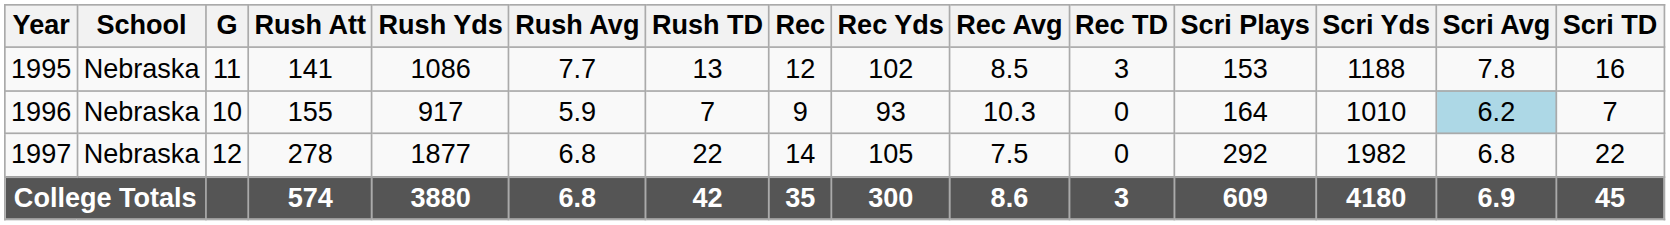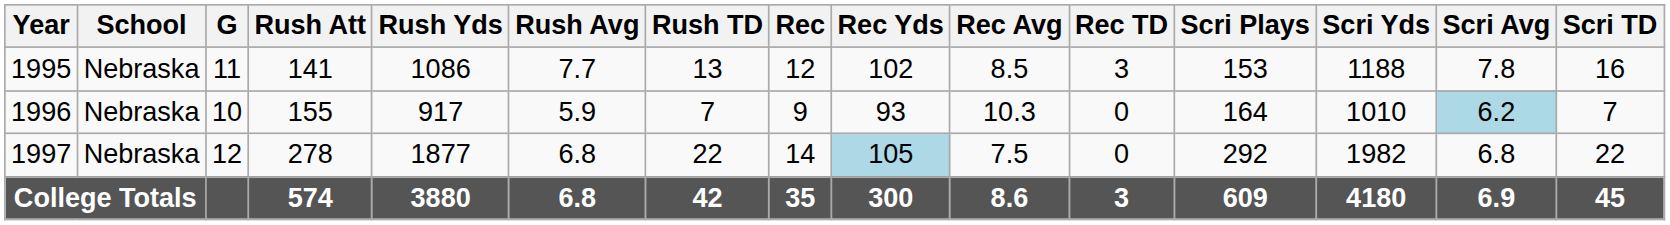 <table class="wikitable"  style="text-align:center;">
 <tr>
 <th>Year</th>
 <th>School</th>
 <th>G</th>
 <th>Rush Att</th>
 <th>Rush Yds</th>
 <th>Rush Avg</th>
 <th>Rush TD</th>
 <th>Rec</th>
 <th>Rec Yds</th>
 <th>Rec Avg</th>
 <th>Rec TD</th>
 <th>Scri Plays</th>
 <th>Scri Yds</th>
 <th>Scri Avg</th>
 <th>Scri TD</th>
 </tr>
 <tr>
 <td>1995</td>
 <td>Nebraska</td>
 <td>11</td>
 <td>141</td>
 <td>1086</td>
 <td>7.7</td>
 <td>13</td>
 <td>12</td>
 <td>102</td>
 <td>8.5</td>
 <td>3</td>
 <td>153</td>
 <td>1188</td>
 <td>7.8</td>
 <td>16</td>
 </tr>
 <tr>
 <td>1996</td>
 <td>Nebraska</td>
 <td>10</td>
 <td>155</td>
 <td>917</td>
 <td>5.9</td>
 <td>7</td>
 <td>9</td>
 <td>93</td>
 <td>10.3</td>
 <td>0</td>
 <td>164</td>
 <td>1010</td>
 <td style="background: lightblue;">6.2</td>
 <td>7</td>
 </tr>
 <tr>
 <td>1997</td>
 <td>Nebraska</td>
 <td>12</td>
 <td>278</td>
 <td>1877</td>
 <td>6.8</td>
 <td>22</td>
 <td>14</td>
-<td>105</td>
+<td style="background: lightblue;">105</td>
 <td>7.5</td>
 <td>0</td>
 <td>292</td>
 <td>1982</td>
 <td>6.8</td>
 <td>22</td>
 </tr>
 <tr style="background:#555; font-weight:bold; color:white;">
 <td colspan=2>College Totals</td>
 <td></td>
 <td>574</td>
 <td>3880</td>
 <td>6.8</td>
 <td>42</td>
 <td>35</td>
 <td>300</td>
 <td>8.6</td>
 <td>3</td>
 <td>609</td>
 <td>4180</td>
 <td>6.9</td>
 <td>45</td>
 </tr>
 </table>
